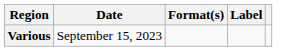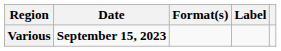 <table class="wikitable plainrowheaders">
 <tr>
 <th scope="col">Region</th>
 <th scope="col">Date</th>
 <th scope="col">Format(s)</th>
 <th scope="col">Label</th>
 <th scope="col"></th>
 </tr>
 <tr>
 <th scope="row" rowspan="2">Various</th>
-<td>September 15, 2023</td>
+<td><strong>September 15, 2023</strong></td>
 <td></td>
 <td></td>
 <td style="text-align:center;"></td>
 </tr>
 </table>
